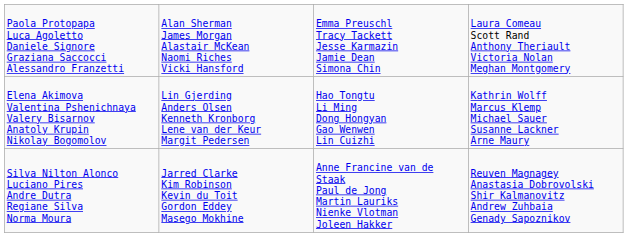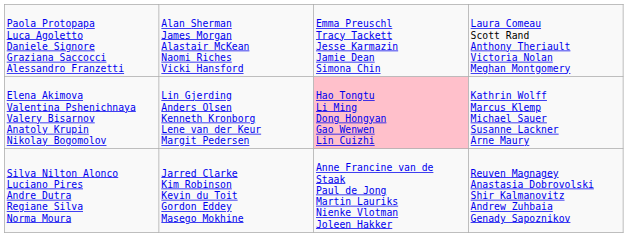 <table class="wikitable">
 <tr>
 <td width=200><br><a href='#'>Paola Protopapa</a><br><a href='#'>Luca Agoletto</a><br><a href='#'>Daniele Signore</a><br><a href='#'>Graziana Saccocci</a><br><a href='#'>Alessandro Franzetti</a></td>
 <td width=200><br><a href='#'>Alan Sherman</a><br><a href='#'>James Morgan</a><br><a href='#'>Alastair McKean</a><br><a href='#'>Naomi Riches</a><br><a href='#'>Vicki Hansford</a></td>
 <td width=200><br><a href='#'>Emma Preuschl</a><br><a href='#'>Tracy Tackett</a><br><a href='#'>Jesse Karmazin</a><br><a href='#'>Jamie Dean</a><br><a href='#'>Simona Chin</a></td>
 <td width=200><br><a href='#'>Laura Comeau</a><br>Scott Rand<br><a href='#'>Anthony Theriault</a><br><a href='#'>Victoria Nolan</a><br><a href='#'>Meghan Montgomery</a></td>
 </tr>
 <tr>
 <td width=200><br><a href='#'>Elena Akimova</a><br><a href='#'>Valentina Pshenichnaya</a><br><a href='#'>Valery Bisarnov</a><br><a href='#'>Anatoly Krupin</a><br><a href='#'>Nikolay Bogomolov</a></td>
 <td width=200><br><a href='#'>Lin Gjerding</a><br><a href='#'>Anders Olsen</a><br><a href='#'>Kenneth Kronborg</a><br><a href='#'>Lene van der Keur</a><br><a href='#'>Margit Pedersen</a></td>
-<td width=200><br><a href='#'>Hao Tongtu</a><br><a href='#'>Li Ming</a><br><a href='#'>Dong Hongyan</a><br><a href='#'>Gao Wenwen</a><br><a href='#'>Lin Cuizhi</a></td>
+<td width=200 style="background: pink;"><br><a href='#'>Hao Tongtu</a><br><a href='#'>Li Ming</a><br><a href='#'>Dong Hongyan</a><br><a href='#'>Gao Wenwen</a><br><a href='#'>Lin Cuizhi</a></td>
 <td width=200><br><a href='#'>Kathrin Wolff</a><br><a href='#'>Marcus Klemp</a><br><a href='#'>Michael Sauer</a><br><a href='#'>Susanne Lackner</a><br><a href='#'>Arne Maury</a></td>
 </tr>
 <tr>
 <td width=200><br><a href='#'>Silva Nilton Alonco</a><br><a href='#'>Luciano Pires</a><br><a href='#'>Andre Dutra</a><br><a href='#'>Regiane Silva</a><br><a href='#'>Norma Moura</a></td>
 <td width=200><br><a href='#'>Jarred Clarke</a><br><a href='#'>Kim Robinson</a><br><a href='#'>Kevin du Toit</a><br><a href='#'>Gordon Eddey</a><br><a href='#'>Masego Mokhine</a></td>
 <td width=200><br><a href='#'>Anne Francine van de Staak</a><br><a href='#'>Paul de Jong</a><br><a href='#'>Martin Lauriks</a><br><a href='#'>Nienke Vlotman</a><br><a href='#'>Joleen Hakker</a></td>
 <td width=200><br><a href='#'>Reuven Magnagey</a><br><a href='#'>Anastasia Dobrovolski</a><br><a href='#'>Shir Kalmanovitz</a><br><a href='#'>Andrew Zuhbaia</a><br><a href='#'>Genady Sapoznikov</a></td>
 </tr>
 </table>
